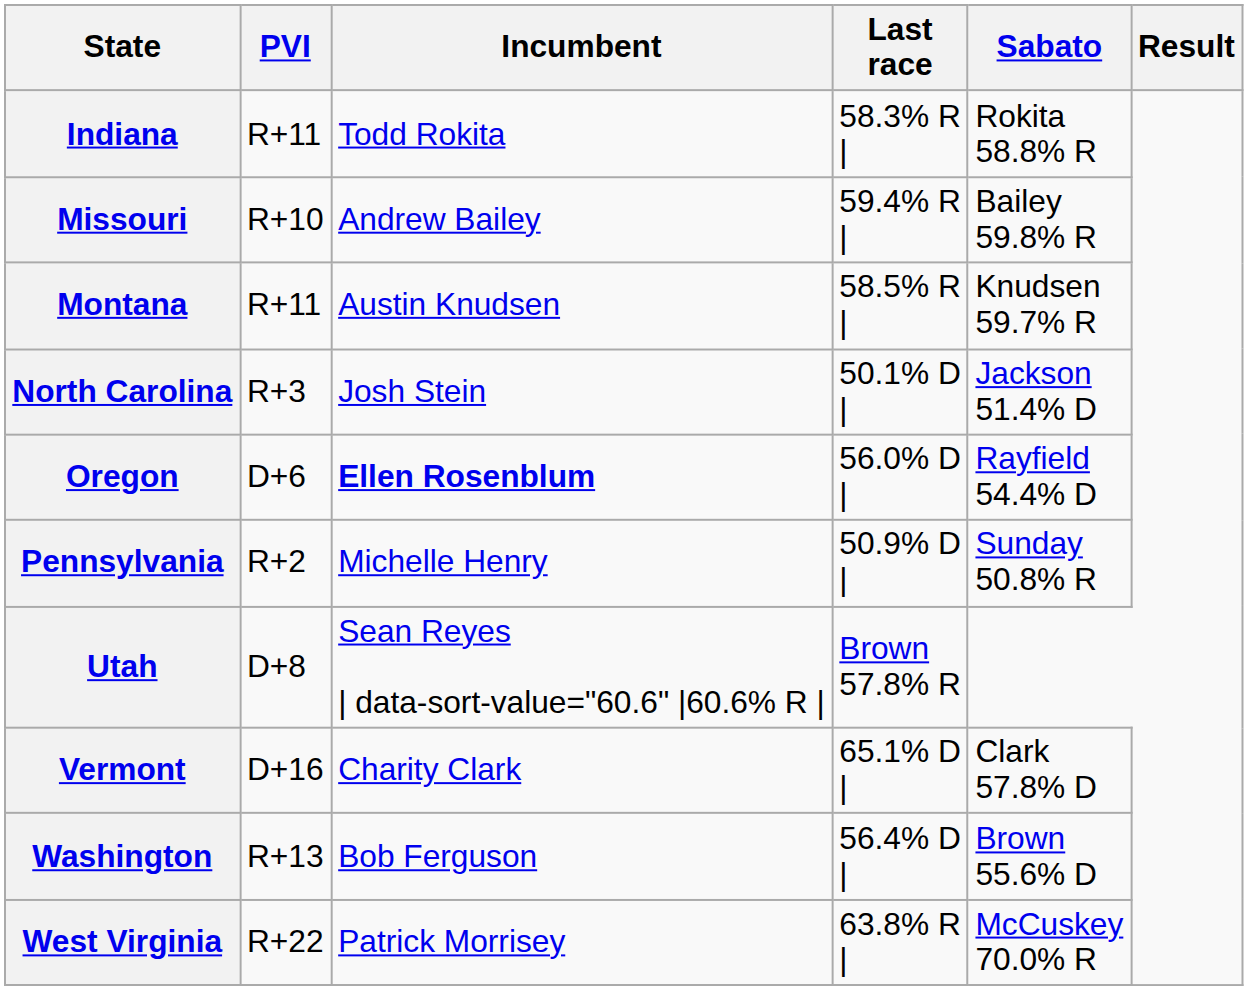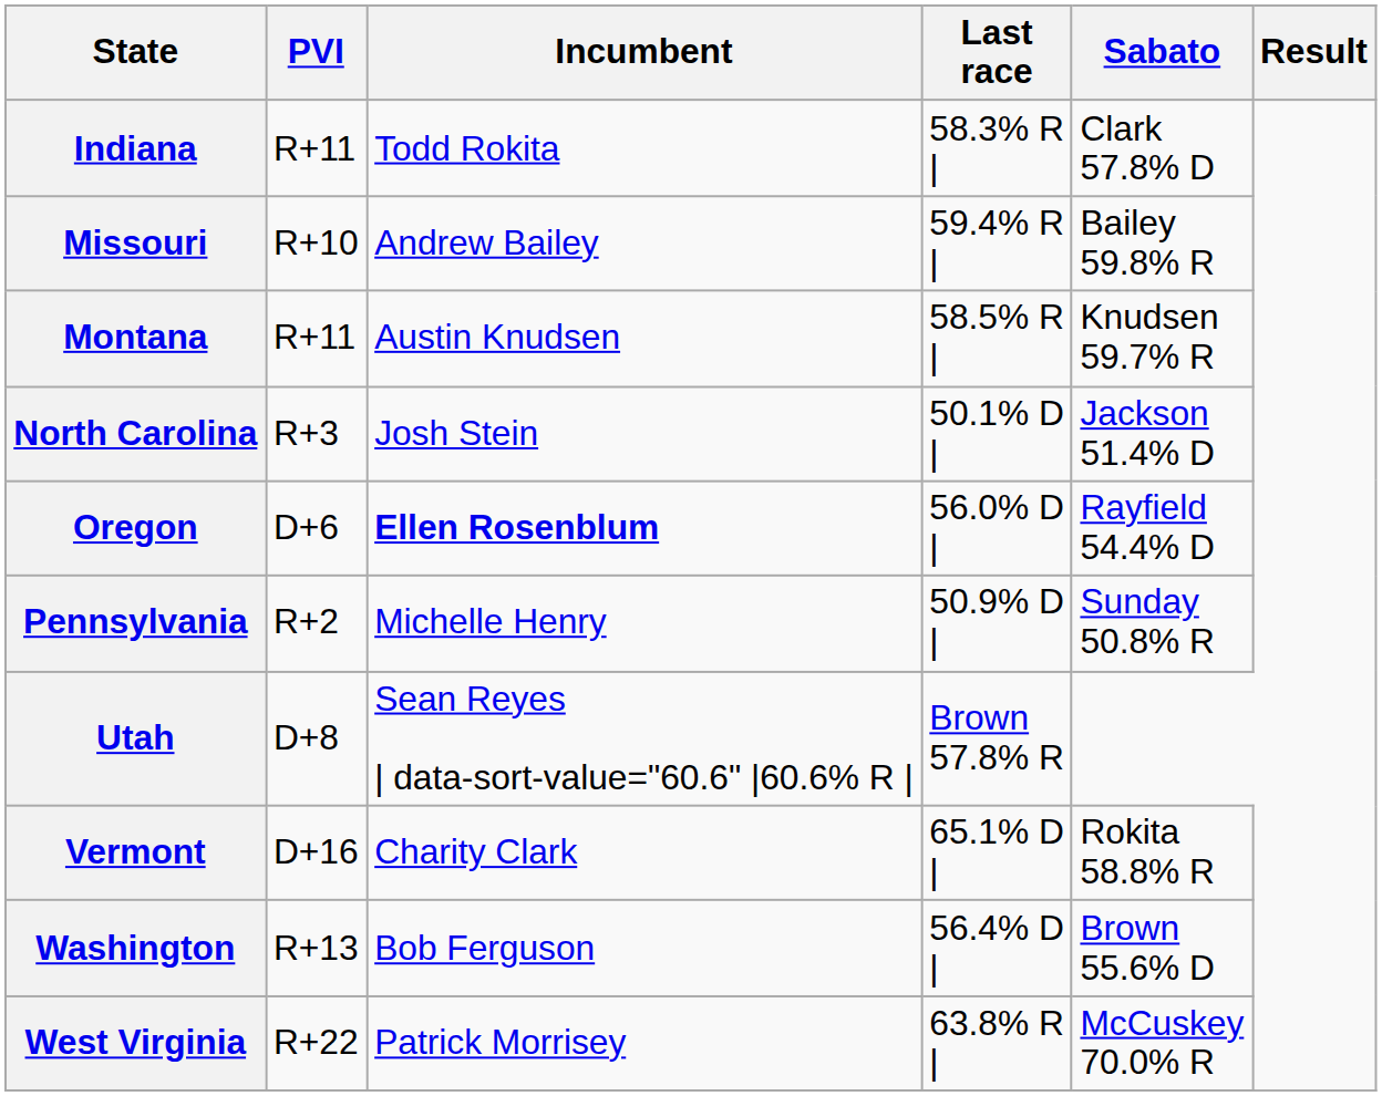 <table class="wikitable sortable" style="font-size:%;">
 <tr>
 <th>State</th>
 <th><a href='#'>PVI</a></th>
 <th>Incumbent</th>
 <th>Last<br>race</th>
 <th scope="col"><a href='#'>Sabato</a><br></th>
 <th>Result</th>
 </tr>
 <tr>
 <th><a href='#'>Indiana</a></th>
 <td>R+11</td>
 <td><a href='#'>Todd Rokita</a></td>
 <td>58.3% R<br>|</td>
-<td>Rokita<br>58.8% R</td>
+<td>Clark<br>57.8% D</td>
 </tr>
 <tr>
 <th><a href='#'>Missouri</a></th>
 <td>R+10</td>
 <td><a href='#'>Andrew Bailey</a></td>
 <td>59.4% R<br>|</td>
 <td>Bailey<br>59.8% R</td>
 </tr>
 <tr>
 <th><a href='#'>Montana</a></th>
 <td>R+11</td>
 <td><a href='#'>Austin Knudsen</a></td>
 <td>58.5% R<br>|</td>
 <td>Knudsen<br>59.7% R</td>
 </tr>
 <tr>
 <th><a href='#'>North Carolina</a></th>
 <td>R+3</td>
 <td><a href='#'>Josh Stein</a><br></td>
 <td>50.1% D<br>|</td>
 <td><a href='#'>Jackson</a><br>51.4% D</td>
 </tr>
 <tr>
 <th><a href='#'>Oregon</a></th>
 <td>D+6</td>
 <td><strong><a href='#'>Ellen Rosenblum</a><br></strong></td>
 <td>56.0% D<br>|</td>
 <td><a href='#'>Rayfield</a><br>54.4% D</td>
 </tr>
 <tr>
 <th><a href='#'>Pennsylvania</a></th>
 <td>R+2</td>
 <td><a href='#'>Michelle Henry</a><br></td>
 <td>50.9% D<br>|</td>
 <td><a href='#'>Sunday</a><br>50.8% R<br></td>
 </tr>
 <tr>
 <th><a href='#'>Utah</a></th>
 <td>D+8</td>
 <td><a href='#'>Sean Reyes</a><br><br>|  data-sort-value="60.6" |60.6% R |</td>
 <td><a href='#'>Brown</a><br>57.8% R</td>
 </tr>
 <tr>
 <th><a href='#'>Vermont</a></th>
 <td>D+16</td>
 <td><a href='#'>Charity Clark</a></td>
 <td>65.1% D<br>|</td>
-<td>Clark<br>57.8% D</td>
+<td>Rokita<br>58.8% R</td>
 </tr>
 <tr>
 <th><a href='#'>Washington</a></th>
 <td>R+13</td>
 <td><a href='#'>Bob Ferguson</a><br></td>
 <td>56.4% D<br>|</td>
 <td><a href='#'>Brown</a><br>55.6% D</td>
 </tr>
 <tr>
 <th><a href='#'>West Virginia</a></th>
 <td>R+22</td>
 <td><a href='#'>Patrick Morrisey</a><br></td>
 <td>63.8% R<br>|</td>
 <td><a href='#'>McCuskey</a><br>70.0% R</td>
 </tr>
 <tr>
 </tr>
 </table>
